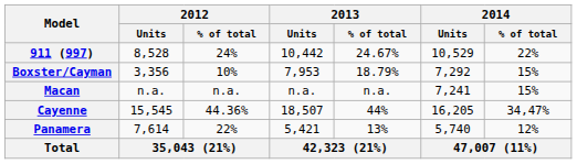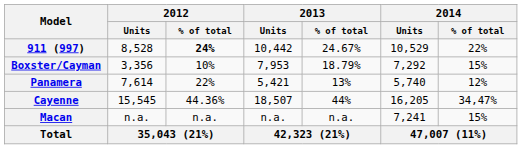 <table class="wikitable" style="text-align:center; text-size:94%;">
 <tr>
 <th rowspan="2" style="width:120px;">Model</th>
 <th colspan="2" style="width:160px;">2012</th>
 <th colspan="2" style="width:160px;">2013</th>
 <th colspan="2" style="width:160px;">2014</th>
 </tr>
 <tr>
 <th><small>Units</small></th>
 <th><small>% of total</small></th>
 <th><small>Units</small></th>
 <th><small>% of total</small></th>
 <th><small>Units</small></th>
 <th><small>% of total</small></th>
 </tr>
 <tr>
 <th><a href='#'>911</a> (<a href='#'>997</a>)</th>
 <td>8,528</td>
-<td>24%</td>
+<td><strong>24%</strong></td>
 <td>10,442</td>
 <td>24.67%</td>
 <td>10,529</td>
 <td>22%</td>
 </tr>
 <tr>
 <th><a href='#'>Boxster/Cayman</a></th>
 <td>3,356</td>
 <td>10%</td>
 <td>7,953</td>
 <td>18.79%</td>
 <td>7,292</td>
 <td>15%</td>
 </tr>
 <tr>
-<th><a href='#'>Macan</a></th>
-<td>n.a.</td>
-<td>n.a.</td>
-<td>n.a.</td>
-<td>n.a.</td>
-<td>7,241</td>
-<td>15%</td>
+<th><a href='#'>Panamera</a></th>
+<td>7,614</td>
+<td>22%</td>
+<td>5,421</td>
+<td>13%</td>
+<td>5,740</td>
+<td>12%</td>
 </tr>
 <tr>
 <th><a href='#'>Cayenne</a></th>
 <td>15,545</td>
 <td>44.36%</td>
 <td>18,507</td>
 <td>44%</td>
 <td>16,205</td>
 <td>34,47%</td>
 </tr>
 <tr>
-<th><a href='#'>Panamera</a></th>
-<td>7,614</td>
-<td>22%</td>
-<td>5,421</td>
-<td>13%</td>
-<td>5,740</td>
-<td>12%</td>
+<th><a href='#'>Macan</a></th>
+<td>n.a.</td>
+<td>n.a.</td>
+<td>n.a.</td>
+<td>n.a.</td>
+<td>7,241</td>
+<td>15%</td>
 </tr>
 <tr style="background:WhiteSmoke;">
 <th>Total</th>
 <th colspan=2>35,043 (21%)</th>
 <th colspan=2>42,323 (21%)</th>
 <th colspan=2>47,007 (11%)</th>
 </tr>
 </table>
